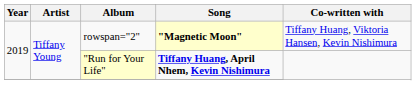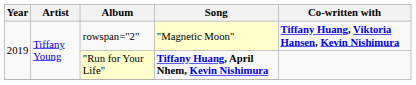 <table class="wikitable">
 <tr>
 <th>Year</th>
 <th>Artist</th>
 <th>Album</th>
 <th>Song</th>
 <th>Co-written with</th>
 </tr>
 <tr>
 <td rowspan="2">2019</td>
 <td rowspan="2"><a href='#'>Tiffany Young</a></td>
 <td>rowspan="2" </td>
-<td style="background:#ffffcc"><strong>"Magnetic Moon"</strong></td>
-<td><a href='#'>Tiffany Huang</a>, <a href='#'>Viktoria Hansen</a>, <a href='#'>Kevin Nishimura</a></td>
+<td style="background:#ffffcc">"Magnetic Moon"</td>
+<td><strong><a href='#'>Tiffany Huang</a>, <a href='#'>Viktoria Hansen</a>, <a href='#'>Kevin Nishimura</a></strong></td>
 </tr>
 <tr>
 <td style="background:#ffffcc">"Run for Your Life"</td>
 <td><strong><a href='#'>Tiffany Huang</a>, April Nhem, <a href='#'>Kevin Nishimura</a></strong></td>
 </tr>
 <tr>
 </tr>
 </table>
